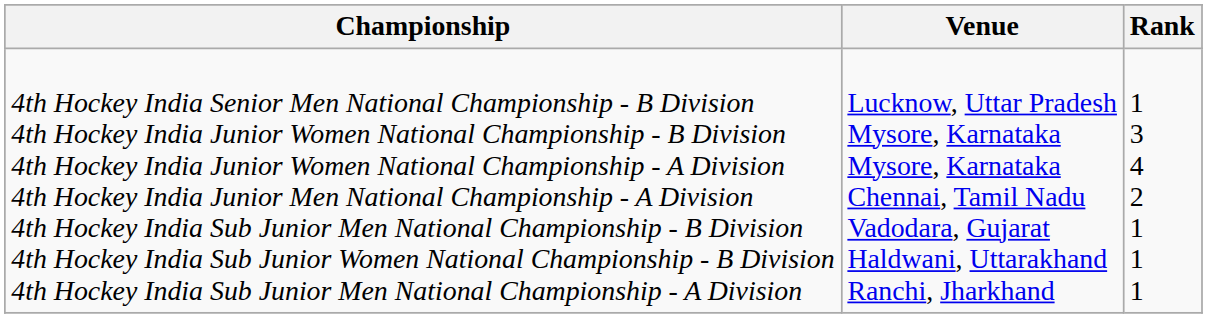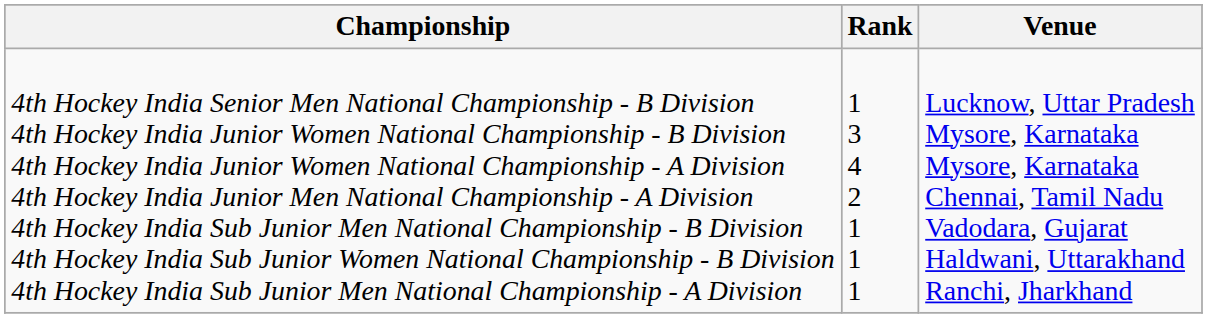 <table class="wikitable" style="text-align: left;">
 <tr>
 <th>Championship</th>
+<th>Rank</th>
 <th>Venue</th>
-<th>Rank</th>
 </tr>
 <tr>
 <td><br><em>4th Hockey India Senior Men National Championship - B Division</em> <br> <em>4th Hockey India Junior Women National Championship - B Division</em> <br>  <em>4th Hockey India Junior Women National Championship - A Division</em> <br> <em>4th Hockey India Junior Men National Championship - A Division</em> <br> <em>4th Hockey India Sub Junior Men National Championship - B Division</em> <br> <em>4th Hockey India Sub Junior Women National Championship - B Division</em> <br> <em>4th Hockey India Sub Junior Men National Championship - A Division</em></td>
+<td><div><br>1 <br> 3<br> 4<br> 2<br> 1<br> 1<br> 1</div></td>
 <td><br><a href='#'>Lucknow</a>, <a href='#'>Uttar Pradesh</a><br> <a href='#'>Mysore</a>, <a href='#'>Karnataka</a><br> <a href='#'>Mysore</a>, <a href='#'>Karnataka</a><br> <a href='#'>Chennai</a>, <a href='#'>Tamil Nadu</a><br> <a href='#'>Vadodara</a>, <a href='#'>Gujarat</a><br> <a href='#'>Haldwani</a>, <a href='#'>Uttarakhand</a><br> <a href='#'>Ranchi</a>, <a href='#'>Jharkhand</a></td>
-<td><div><br>1 <br> 3<br> 4<br> 2<br> 1<br> 1<br> 1</div></td>
 </tr>
 </table>
